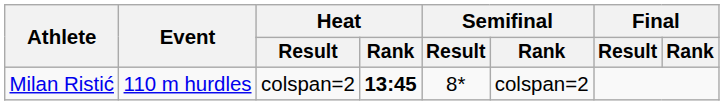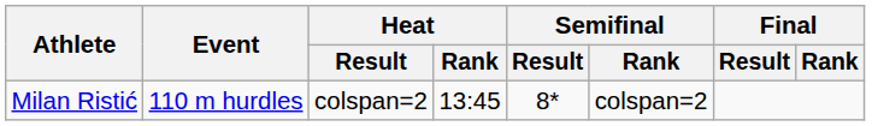 <table class="wikitable" style="font-size:90%">
 <tr>
 <th rowspan=2>Athlete</th>
 <th rowspan=2>Event</th>
 <th colspan=2>Heat</th>
 <th colspan=2>Semifinal</th>
 <th colspan=2>Final</th>
 </tr>
 <tr style="font-size:95%">
 <th>Result</th>
 <th>Rank</th>
 <th>Result</th>
 <th>Rank</th>
 <th>Result</th>
 <th>Rank</th>
 </tr>
 <tr align=center>
 <td align=left><a href='#'>Milan Ristić</a></td>
 <td style="text-align:left;"><a href='#'>110 m hurdles</a></td>
 <td>colspan=2 </td>
-<td><strong>13:45</strong></td>
+<td>13:45</td>
 <td>8*</td>
 <td>colspan=2 </td>
 </tr>
 </table>
